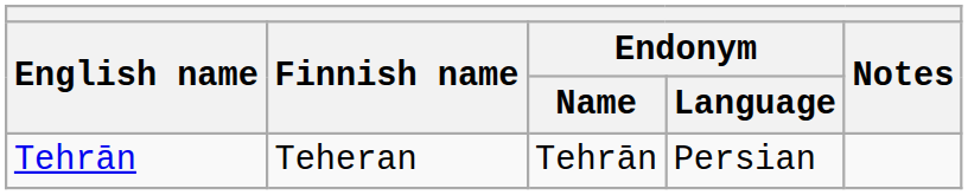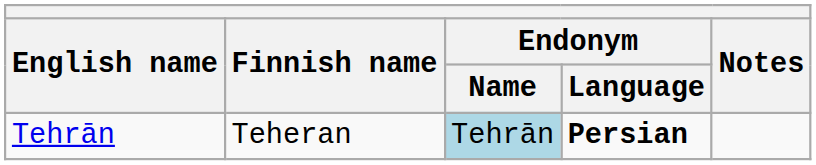 <table class="wikitable sortable">
 <tr>
 <th colspan="5"></th>
 </tr>
 <tr>
 <th rowspan="2">English name</th>
 <th rowspan="2">Finnish name</th>
 <th colspan="2">Endonym</th>
 <th rowspan="2">Notes</th>
 </tr>
 <tr>
 <th>Name</th>
 <th>Language</th>
 </tr>
 <tr>
 <td><a href='#'>Tehrān</a></td>
 <td>Teheran</td>
-<td>Tehrān</td>
-<td>Persian</td>
+<td style="background: lightblue;">Tehrān</td>
+<td><strong>Persian</strong></td>
 <td></td>
 </tr>
 </table>
